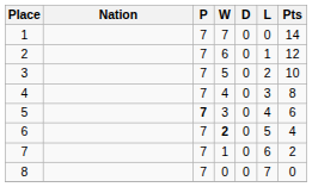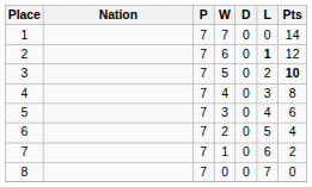 <table class=wikitable style=text-align:center>
 <tr>
 <th width=35>Place</th>
 <th width=185>Nation</th>
 <th width=20>P</th>
 <th width=20>W</th>
 <th width=20>D</th>
 <th width=20>L</th>
 <th width=30>Pts</th>
 </tr>
 <tr>
 <td>1</td>
 <td style=text-align:left></td>
 <td>7</td>
 <td>7</td>
 <td>0</td>
 <td>0</td>
 <td>14</td>
 </tr>
 <tr>
 <td>2</td>
 <td style=text-align:left></td>
 <td>7</td>
 <td>6</td>
 <td>0</td>
-<td>1</td>
+<td><strong>1</strong></td>
 <td>12</td>
 </tr>
 <tr>
 <td>3</td>
 <td style=text-align:left></td>
 <td>7</td>
 <td>5</td>
 <td>0</td>
 <td>2</td>
-<td>10</td>
+<td><strong>10</strong></td>
 </tr>
 <tr>
 <td>4</td>
 <td style=text-align:left></td>
 <td>7</td>
 <td>4</td>
 <td>0</td>
 <td>3</td>
 <td>8</td>
 </tr>
 <tr>
 <td>5</td>
 <td style=text-align:left></td>
-<td><strong>7</strong></td>
+<td>7</td>
 <td>3</td>
 <td>0</td>
 <td>4</td>
 <td>6</td>
 </tr>
 <tr>
 <td>6</td>
 <td style=text-align:left></td>
 <td>7</td>
-<td><strong>2</strong></td>
+<td>2</td>
 <td>0</td>
 <td>5</td>
 <td>4</td>
 </tr>
 <tr>
 <td>7</td>
 <td style=text-align:left></td>
 <td>7</td>
 <td>1</td>
 <td>0</td>
 <td>6</td>
 <td>2</td>
 </tr>
 <tr>
 <td>8</td>
 <td style=text-align:left></td>
 <td>7</td>
 <td>0</td>
 <td>0</td>
 <td>7</td>
 <td>0</td>
 </tr>
 <tr>
 </tr>
 </table>
